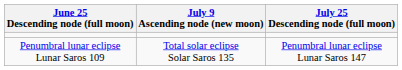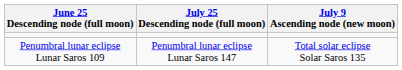 <table class="wikitable">
 <tr>
 <th><a href='#'>June 25</a><br>Descending node (full moon)</th>
+<th><a href='#'>July 25</a><br>Descending node (full moon)</th>
 <th><a href='#'>July 9</a><br>Ascending node (new moon)</th>
-<th><a href='#'>July 25</a><br>Descending node (full moon)</th>
 </tr>
 <tr>
 <td></td>
 <td></td>
 <td></td>
 </tr>
 <tr align=center>
 <td><a href='#'>Penumbral lunar eclipse</a><br>Lunar Saros 109</td>
+<td><a href='#'>Penumbral lunar eclipse</a><br>Lunar Saros 147</td>
 <td><a href='#'>Total solar eclipse</a><br>Solar Saros 135</td>
-<td><a href='#'>Penumbral lunar eclipse</a><br>Lunar Saros 147</td>
 </tr>
 </table>
